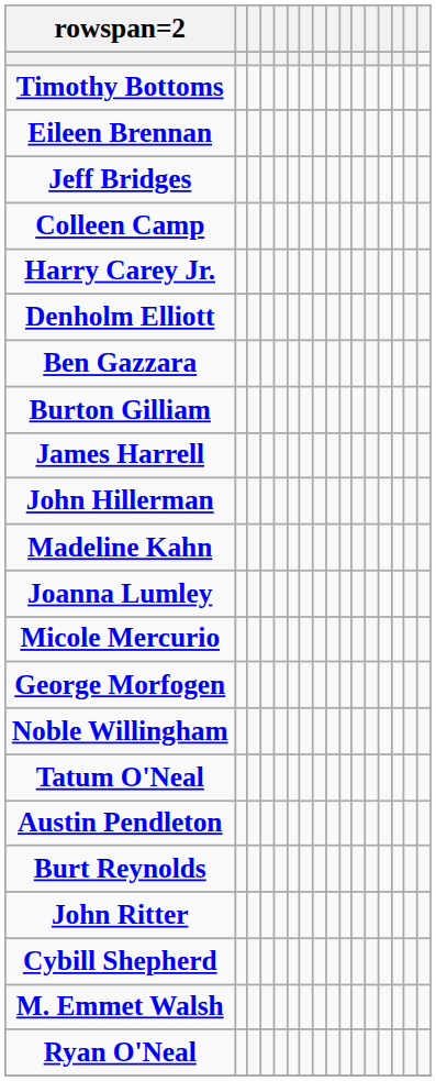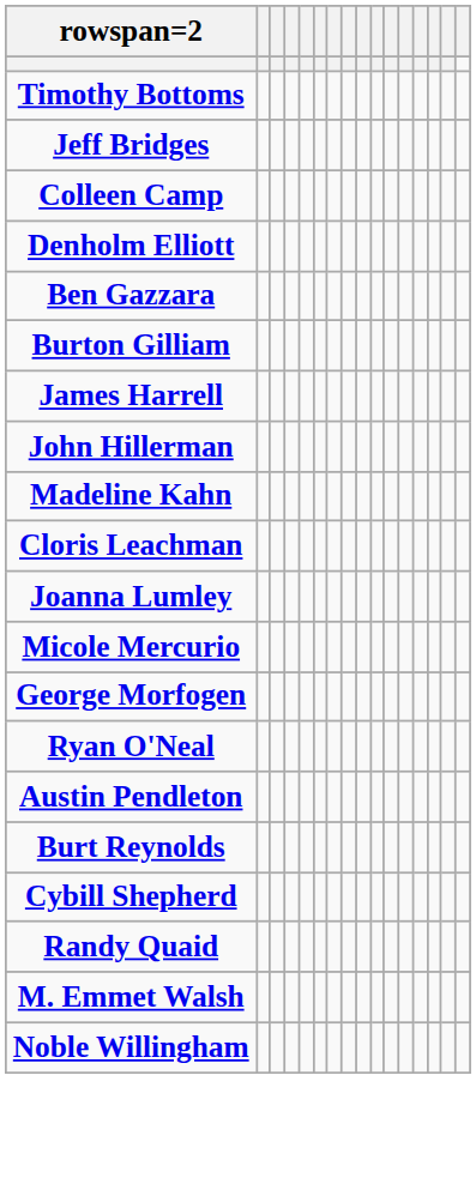 <table class="wikitable unsortable" style="text-align:center;font-size:90%;">
 <tr>
 <th>rowspan=2 </th>
 <th></th>
 <th></th>
 <th></th>
 <th></th>
 <th></th>
 <th></th>
 <th></th>
 <th></th>
 <th></th>
 <th></th>
 <th></th>
 <th></th>
 <th></th>
 <th></th>
 <th></th>
 </tr>
 <tr>
 <th></th>
 <th></th>
 <th></th>
 <th></th>
 <th></th>
 <th></th>
 <th></th>
 <th></th>
 <th></th>
 <th></th>
 <th></th>
 <th></th>
 <th></th>
 <th></th>
 <th></th>
 </tr>
 <tr>
 <td><strong><a href='#'>Timothy Bottoms</a></strong></td>
 <td></td>
 <td></td>
 <td></td>
 <td></td>
 <td></td>
 <td></td>
 <td></td>
 <td></td>
 <td></td>
 <td></td>
 <td></td>
 <td></td>
 <td></td>
 <td></td>
 <td></td>
 </tr>
 <tr>
-<td><strong><a href='#'>Eileen Brennan</a></strong></td>
-<td></td>
-<td></td>
-<td></td>
-<td></td>
-<td></td>
-<td></td>
-<td></td>
-<td></td>
-<td></td>
-<td></td>
-<td></td>
-<td></td>
-<td></td>
-<td></td>
-<td></td>
-</tr>
-<tr>
 <td><strong><a href='#'>Jeff Bridges</a></strong></td>
 <td></td>
 <td></td>
 <td></td>
 <td></td>
 <td></td>
 <td></td>
 <td></td>
 <td></td>
 <td></td>
 <td></td>
 <td></td>
 <td></td>
 <td></td>
 <td></td>
 <td></td>
 </tr>
 <tr>
 <td><strong><a href='#'>Colleen Camp</a></strong></td>
-<td></td>
-<td></td>
-<td></td>
-<td></td>
-<td></td>
-<td></td>
-<td></td>
-<td></td>
-<td></td>
-<td></td>
-<td></td>
-<td></td>
-<td></td>
-<td></td>
-<td></td>
-</tr>
-<tr>
-<td><strong><a href='#'>Harry Carey Jr.</a></strong></td>
 <td></td>
 <td></td>
 <td></td>
 <td></td>
 <td></td>
 <td></td>
 <td></td>
 <td></td>
 <td></td>
 <td></td>
 <td></td>
 <td></td>
 <td></td>
 <td></td>
 <td></td>
 </tr>
 <tr>
 <td><strong><a href='#'>Denholm Elliott</a></strong></td>
 <td></td>
 <td></td>
 <td></td>
 <td></td>
 <td></td>
 <td></td>
 <td></td>
 <td></td>
 <td></td>
 <td></td>
 <td></td>
 <td></td>
 <td></td>
 <td></td>
 <td></td>
 </tr>
 <tr>
 <td><strong><a href='#'>Ben Gazzara</a></strong></td>
 <td></td>
 <td></td>
 <td></td>
 <td></td>
 <td></td>
 <td></td>
 <td></td>
 <td></td>
 <td></td>
 <td></td>
 <td></td>
 <td></td>
 <td></td>
 <td></td>
 <td></td>
 </tr>
 <tr>
 <td><strong><a href='#'>Burton Gilliam</a></strong></td>
 <td></td>
 <td></td>
 <td></td>
 <td></td>
 <td></td>
 <td></td>
 <td></td>
 <td></td>
 <td></td>
 <td></td>
 <td></td>
 <td></td>
 <td></td>
 <td></td>
 <td></td>
 </tr>
 <tr>
 <td><strong><a href='#'>James Harrell</a></strong></td>
 <td></td>
 <td></td>
 <td></td>
 <td></td>
 <td></td>
 <td></td>
 <td></td>
 <td></td>
 <td></td>
 <td></td>
 <td></td>
 <td></td>
 <td></td>
 <td></td>
 <td></td>
 </tr>
 <tr>
 <td><strong><a href='#'>John Hillerman</a></strong></td>
 <td></td>
 <td></td>
 <td></td>
 <td></td>
 <td></td>
 <td></td>
 <td></td>
 <td></td>
 <td></td>
 <td></td>
 <td></td>
 <td></td>
 <td></td>
 <td></td>
 <td></td>
 </tr>
 <tr>
 <td><strong><a href='#'>Madeline Kahn</a></strong></td>
 <td></td>
 <td></td>
 <td></td>
 <td></td>
 <td></td>
 <td></td>
 <td></td>
 <td></td>
 <td></td>
 <td></td>
 <td></td>
 <td></td>
 <td></td>
 <td></td>
 <td></td>
 </tr>
 <tr>
+<td><strong><a href='#'>Cloris Leachman</a></strong></td>
+<td></td>
+<td></td>
+<td></td>
+<td></td>
+<td></td>
+<td></td>
+<td></td>
+<td></td>
+<td></td>
+<td></td>
+<td></td>
+<td></td>
+<td></td>
+<td></td>
+<td></td>
+</tr>
+<tr>
 <td><strong><a href='#'>Joanna Lumley</a></strong></td>
 <td></td>
 <td></td>
 <td></td>
 <td></td>
 <td></td>
 <td></td>
 <td></td>
 <td></td>
 <td></td>
 <td></td>
 <td></td>
 <td></td>
 <td></td>
 <td></td>
 <td></td>
 </tr>
 <tr>
 <td><strong><a href='#'>Micole Mercurio</a></strong></td>
 <td></td>
 <td></td>
 <td></td>
 <td></td>
 <td></td>
 <td></td>
 <td></td>
 <td></td>
 <td></td>
 <td></td>
 <td></td>
 <td></td>
 <td></td>
 <td></td>
 <td></td>
 </tr>
 <tr>
 <td><strong><a href='#'>George Morfogen</a></strong></td>
 <td></td>
 <td></td>
 <td></td>
 <td></td>
 <td></td>
 <td></td>
 <td></td>
 <td></td>
 <td></td>
 <td></td>
 <td></td>
 <td></td>
 <td></td>
 <td></td>
 <td></td>
 </tr>
 <tr>
-<td><strong><a href='#'>Noble Willingham</a></strong></td>
-<td></td>
-<td></td>
-<td></td>
-<td></td>
-<td></td>
-<td></td>
-<td></td>
-<td></td>
-<td></td>
-<td></td>
-<td></td>
-<td></td>
-<td></td>
-<td></td>
-<td></td>
-</tr>
-<tr>
-<td><strong><a href='#'>Tatum O'Neal</a></strong></td>
+<td><strong><a href='#'>Ryan O'Neal</a></strong></td>
 <td></td>
 <td></td>
 <td></td>
 <td></td>
 <td></td>
 <td></td>
 <td></td>
 <td></td>
 <td></td>
 <td></td>
 <td></td>
 <td></td>
 <td></td>
 <td></td>
 <td></td>
 </tr>
 <tr>
 <td><strong><a href='#'>Austin Pendleton</a></strong></td>
 <td></td>
 <td></td>
 <td></td>
 <td></td>
 <td></td>
 <td></td>
 <td></td>
 <td></td>
 <td></td>
 <td></td>
 <td></td>
 <td></td>
 <td></td>
 <td></td>
 <td></td>
 </tr>
 <tr>
 <td><strong><a href='#'>Burt Reynolds</a></strong></td>
 <td></td>
 <td></td>
 <td></td>
 <td></td>
 <td></td>
 <td></td>
 <td></td>
 <td></td>
 <td></td>
 <td></td>
 <td></td>
 <td></td>
 <td></td>
 <td></td>
 <td></td>
 </tr>
 <tr>
-<td><strong><a href='#'>John Ritter</a></strong></td>
+<td><strong><a href='#'>Cybill Shepherd</a></strong></td>
 <td></td>
 <td></td>
 <td></td>
 <td></td>
 <td></td>
 <td></td>
 <td></td>
 <td></td>
 <td></td>
 <td></td>
 <td></td>
 <td></td>
 <td></td>
 <td></td>
 <td></td>
 </tr>
 <tr>
-<td><strong><a href='#'>Cybill Shepherd</a></strong></td>
+<td><strong><a href='#'>Randy Quaid</a></strong></td>
 <td></td>
 <td></td>
 <td></td>
 <td></td>
 <td></td>
 <td></td>
 <td></td>
 <td></td>
 <td></td>
 <td></td>
 <td></td>
 <td></td>
 <td></td>
 <td></td>
 <td></td>
 </tr>
 <tr>
 <td><strong><a href='#'>M. Emmet Walsh</a></strong></td>
 <td></td>
 <td></td>
 <td></td>
 <td></td>
 <td></td>
 <td></td>
 <td></td>
 <td></td>
 <td></td>
 <td></td>
 <td></td>
 <td></td>
 <td></td>
 <td></td>
 <td></td>
 </tr>
 <tr>
-<td><strong><a href='#'>Ryan O'Neal</a></strong></td>
+<td><strong><a href='#'>Noble Willingham</a></strong></td>
 <td></td>
 <td></td>
 <td></td>
 <td></td>
 <td></td>
 <td></td>
 <td></td>
 <td></td>
 <td></td>
 <td></td>
 <td></td>
 <td></td>
 <td></td>
 <td></td>
 <td></td>
 </tr>
 <tr>
 </tr>
 </table>
